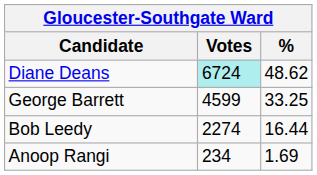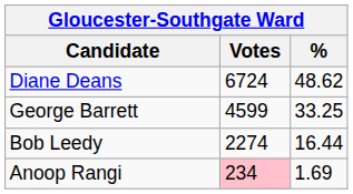 <table class="wikitable">
 <tr>
 <th colspan="3"><a href='#'>Gloucester-Southgate Ward</a></th>
 </tr>
 <tr>
 <th style="width: 170px">Candidate</th>
 <th style="width: 50px">Votes</th>
 <th style="width: 40px">%</th>
 </tr>
 <tr>
 <td><a href='#'>Diane Deans</a></td>
-<td style="background: paleturquoise;">6724</td>
+<td>6724</td>
 <td>48.62</td>
 </tr>
 <tr>
 <td>George Barrett</td>
 <td>4599</td>
 <td>33.25</td>
 </tr>
 <tr>
 <td>Bob Leedy</td>
 <td>2274</td>
 <td>16.44</td>
 </tr>
 <tr>
 <td>Anoop Rangi</td>
-<td>234</td>
+<td style="background: pink;">234</td>
 <td>1.69</td>
 </tr>
 </table>
